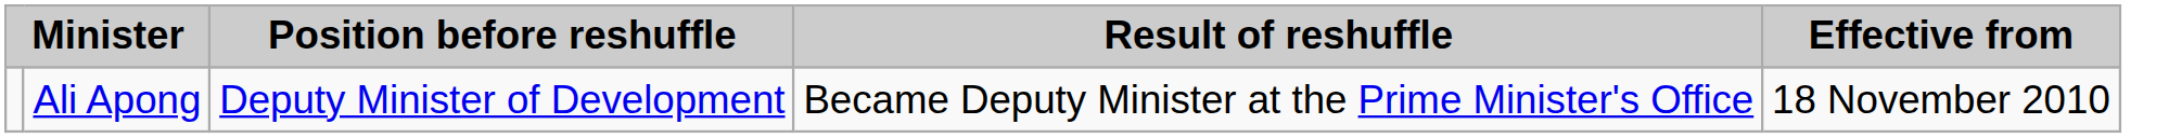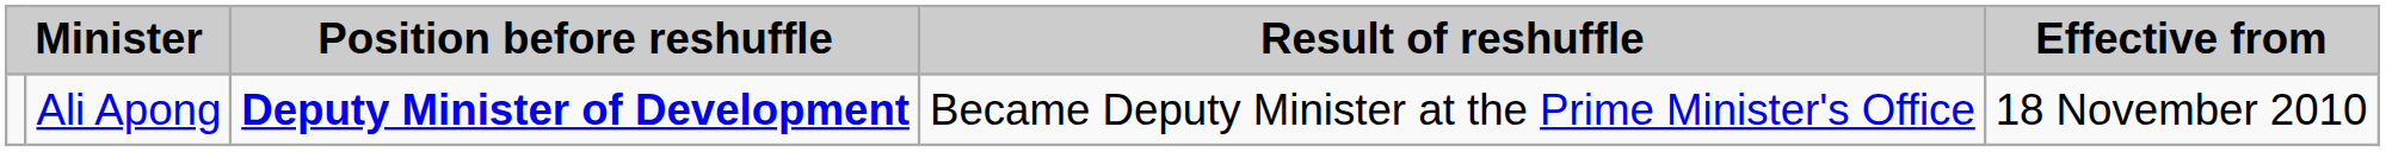 <table class="wikitable">
 <tr>
 <th colspan="2" scope="col" style="background:#ccc;">Minister</th>
 <th scope="col" style="background:#ccc;">Position before reshuffle</th>
 <th scope="col" style="background:#ccc;">Result of reshuffle</th>
 <th scope="col" style="background:#ccc;">Effective from</th>
 </tr>
 <tr>
 <td></td>
 <td><a href='#'>Ali Apong</a></td>
-<td><a href='#'>Deputy Minister of Development</a></td>
+<td><strong><a href='#'>Deputy Minister of Development</a></strong></td>
 <td>Became Deputy Minister at the <a href='#'>Prime Minister's Office</a></td>
 <td>18 November 2010</td>
 </tr>
 </table>
